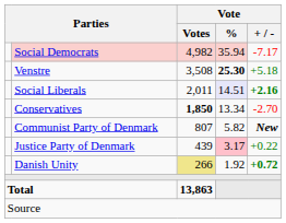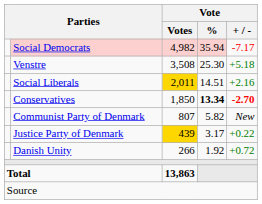 <table class="wikitable" style="text-align:right;">
 <tr>
 <th style="text-align:centre;" rowspan="2" colspan="2" width="225">Parties</th>
 <th colspan="3">Vote</th>
 </tr>
 <tr>
 <th width="15">Votes</th>
 <th width="15">%</th>
 <th width="15">+ / -</th>
 </tr>
 <tr>
 <td width="2" style="color:inherit;background:"></td>
 <td bgcolor=#fbd0ce  align="left"><a href='#'>Social Democrats</a></td>
 <td bgcolor=#fbd0ce>4,982</td>
 <td bgcolor=#fbd0ce>35.94</td>
 <td style=color:red;>-7.17</td>
 </tr>
 <tr>
 <td width="2" style="color:inherit;background:"></td>
 <td align="left"><a href='#'>Venstre</a></td>
 <td>3,508</td>
-<td><strong>25.30</strong></td>
+<td>25.30</td>
 <td style=color:green;>+5.18</td>
 </tr>
 <tr>
 <td width="2" style="color:inherit;background:"></td>
 <td align="left"><a href='#'>Social Liberals</a></td>
-<td>2,011</td>
-<td style="background: lavender;">14.51</td>
-<td style=color:green;><strong>+2.16</strong></td>
+<td style="background: gold;">2,011</td>
+<td>14.51</td>
+<td style=color:green;>+2.16</td>
 </tr>
 <tr>
 <td width="2" style="color:inherit;background:"></td>
 <td align="left"><a href='#'>Conservatives</a></td>
-<td><strong>1,850</strong></td>
-<td>13.34</td>
-<td style=color:red;>-2.70</td>
+<td>1,850</td>
+<td><strong>13.34</strong></td>
+<td style=color:red;><strong>-2.70</strong></td>
 </tr>
 <tr>
 <td width="2" style="color:inherit;background:"></td>
 <td align="left"><a href='#'>Communist Party of Denmark</a></td>
 <td>807</td>
 <td>5.82</td>
-<td><strong><em>New</em></strong></td>
+<td><em>New</em></td>
 </tr>
 <tr>
 <td width="2" style="color:inherit;background:"></td>
 <td align="left"><a href='#'>Justice Party of Denmark</a></td>
-<td>439</td>
-<td style="background: pink;">3.17</td>
+<td style="background: gold;">439</td>
+<td>3.17</td>
 <td style=color:green;>+0.22</td>
 </tr>
 <tr>
 <td width="2" style="color:inherit;background:"></td>
 <td align="left"><a href='#'>Danish Unity</a></td>
-<td style="background: khaki;">266</td>
+<td>266</td>
 <td>1.92</td>
-<td style=color:green;><strong>+0.72</strong></td>
+<td style=color:green;>+0.72</td>
 </tr>
 <tr>
 <td colspan="7" bgcolor="#E9E9E9"></td>
 </tr>
 <tr>
 <td align="left" colspan="2"><strong>Total</strong></td>
 <td><strong>13,863</strong></td>
 <td bgcolor="#E9E9E9" colspan="2"></td>
 </tr>
 <tr>
 <td align="left" colspan="6">Source</td>
 </tr>
 </table>
